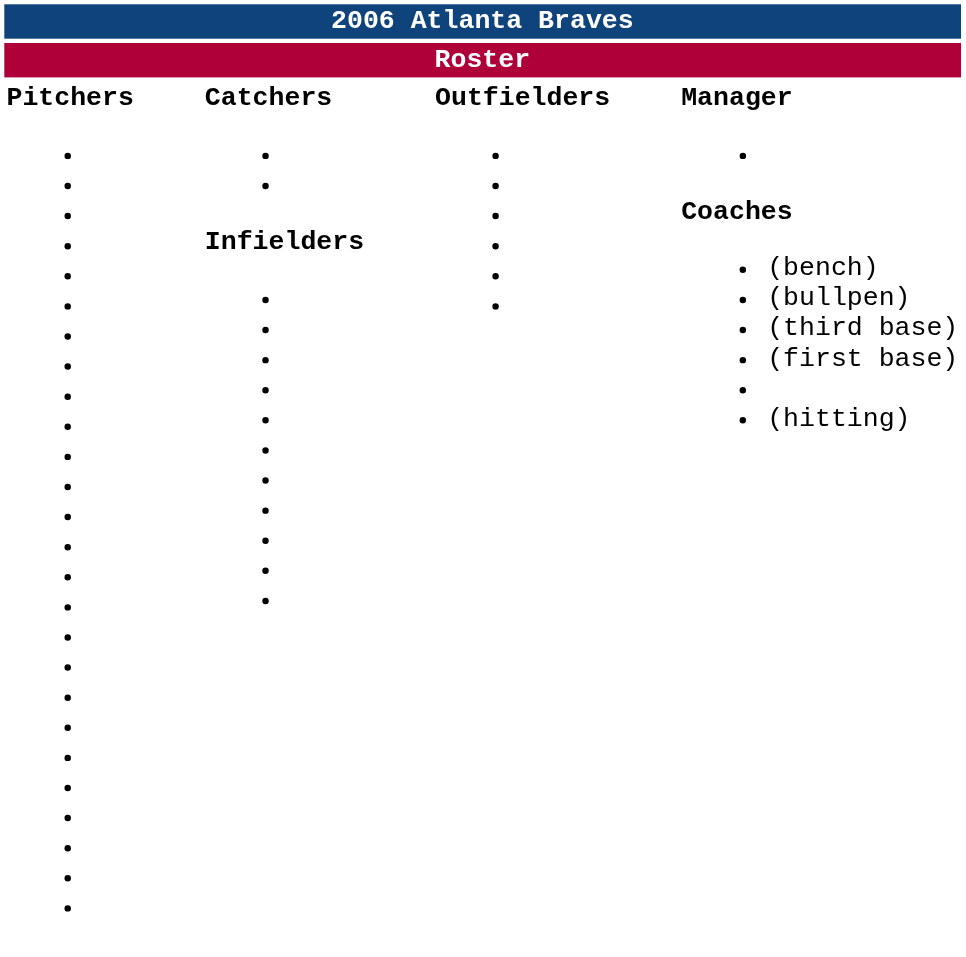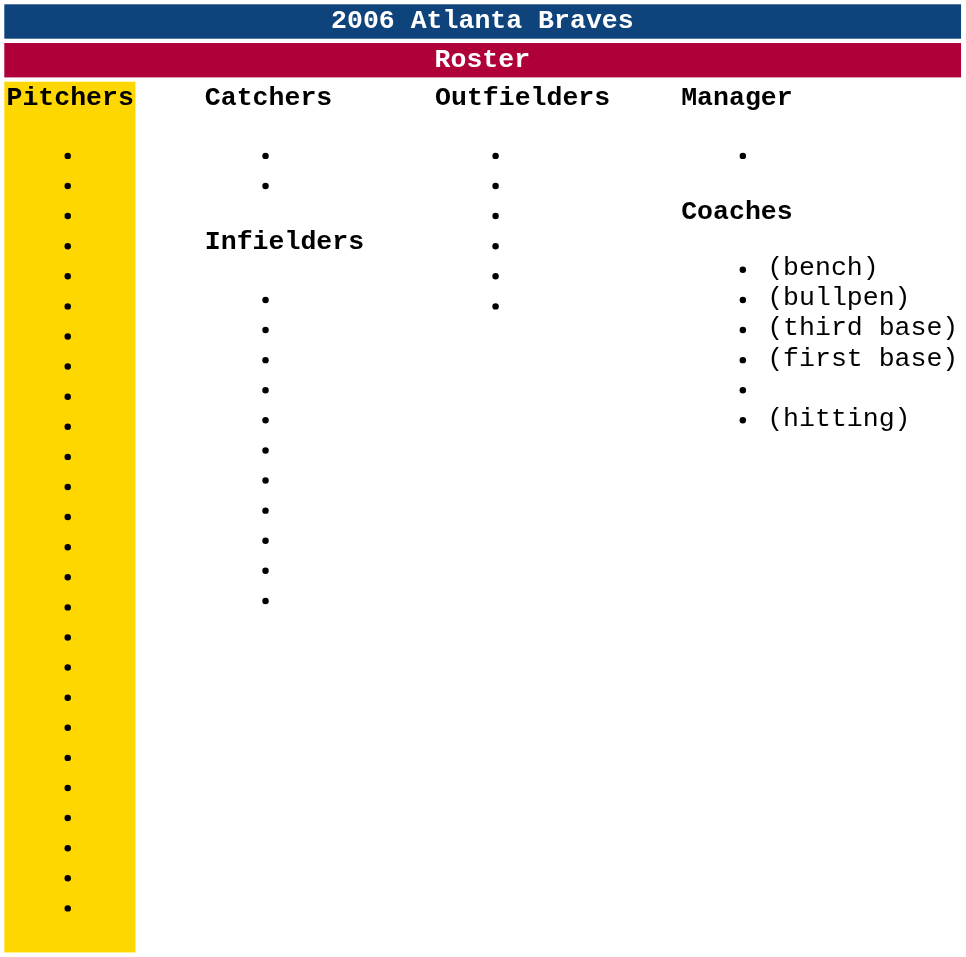 <table class="toccolours" style="font-size: 95%;">
 <tr>
 <th colspan="10" style="background-color: #0f437c; color: #FFFFFF; text-align: center;">2006 Atlanta Braves</th>
 </tr>
 <tr>
 <td colspan="10" style="background-color:#af0039; color: white; text-align: center;"><strong>Roster</strong></td>
 </tr>
 <tr>
-<td valign="top"><strong>Pitchers</strong><br><ul><li></li><li></li><li></li><li></li><li></li><li></li><li></li><li></li><li></li><li></li><li></li><li></li><li></li><li></li><li></li><li></li><li></li><li></li><li></li><li></li><li></li><li></li><li></li><li></li><li></li><li></li></ul></td>
+<td valign="top" style="background: gold;"><strong>Pitchers</strong><br><ul><li></li><li></li><li></li><li></li><li></li><li></li><li></li><li></li><li></li><li></li><li></li><li></li><li></li><li></li><li></li><li></li><li></li><li></li><li></li><li></li><li></li><li></li><li></li><li></li><li></li><li></li></ul></td>
 <td width="25px"></td>
 <td valign="top"><strong>Catchers</strong><br><ul><li></li><li></li></ul><strong>Infielders</strong><ul><li></li><li></li><li></li><li></li><li></li><li></li><li></li><li></li><li></li><li></li><li></li></ul></td>
 <td width="25px"></td>
 <td valign="top"><strong>Outfielders</strong><br><ul><li></li><li></li><li></li><li></li><li></li><li></li></ul></td>
 <td width="25px"></td>
 <td valign="top"><strong>Manager</strong><br><ul><li></li></ul><strong>Coaches</strong><ul><li> (bench)</li><li> (bullpen)</li><li> (third base)</li><li> (first base)</li><li></li><li> (hitting)</li></ul></td>
 </tr>
 </table>
